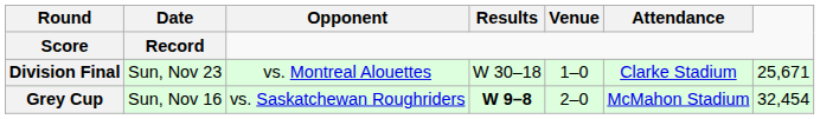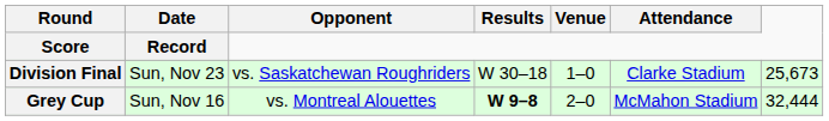 <table class="wikitable" style="text-align:center">
 <tr>
 <th>Round</th>
 <th>Date</th>
 <th>Opponent</th>
 <th>Results</th>
 <th>Venue</th>
 <th>Attendance</th>
 </tr>
 <tr>
 <th>Score</th>
 <th>Record</th>
 </tr>
 <tr style="background:#ddffdd">
 <th>Division Final</th>
 <td>Sun, Nov 23</td>
-<td>vs. <a href='#'>Montreal Alouettes</a></td>
+<td>vs. <a href='#'>Saskatchewan Roughriders</a></td>
 <td>W 30–18</td>
 <td>1–0</td>
 <td><a href='#'>Clarke Stadium</a></td>
-<td>25,671</td>
+<td>25,673</td>
 </tr>
 <tr style="background:#ddffdd">
 <th>Grey Cup</th>
 <td>Sun, Nov 16</td>
-<td>vs. <a href='#'>Saskatchewan Roughriders</a></td>
+<td>vs. <a href='#'>Montreal Alouettes</a></td>
 <td><strong>W 9–8</strong></td>
 <td>2–0</td>
 <td><a href='#'>McMahon Stadium</a></td>
-<td>32,454</td>
+<td>32,444</td>
 </tr>
 </table>
